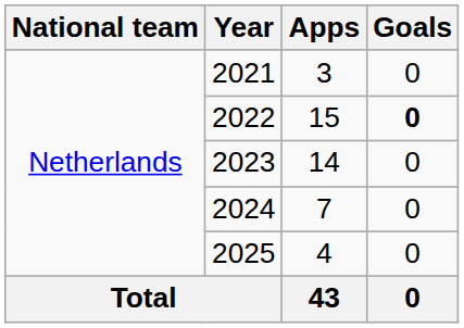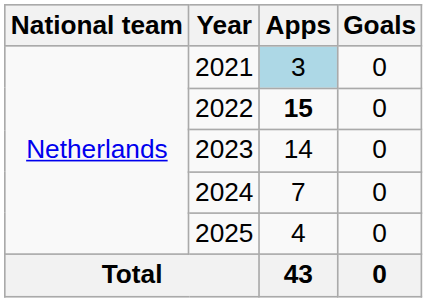 <table class="wikitable" style="text-align:center">
 <tr>
 <th>National team</th>
 <th>Year</th>
 <th>Apps</th>
 <th>Goals</th>
 </tr>
 <tr>
 <td rowspan="5"><a href='#'>Netherlands</a></td>
 <td>2021</td>
-<td>3</td>
+<td style="background: lightblue;">3</td>
 <td>0</td>
 </tr>
 <tr>
 <td>2022</td>
-<td>15</td>
-<td><strong>0</strong></td>
+<td><strong>15</strong></td>
+<td>0</td>
 </tr>
 <tr>
 <td>2023</td>
 <td>14</td>
 <td>0</td>
 </tr>
 <tr>
 <td>2024</td>
 <td>7</td>
 <td>0</td>
 </tr>
 <tr>
 <td>2025</td>
 <td>4</td>
 <td>0</td>
 </tr>
 <tr>
 <th colspan="2">Total</th>
 <th>43</th>
 <th>0</th>
 </tr>
 </table>
